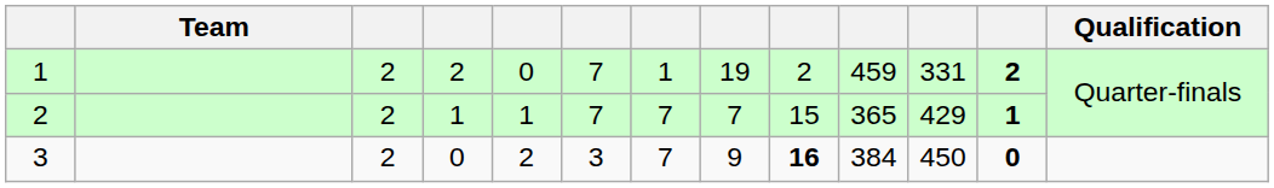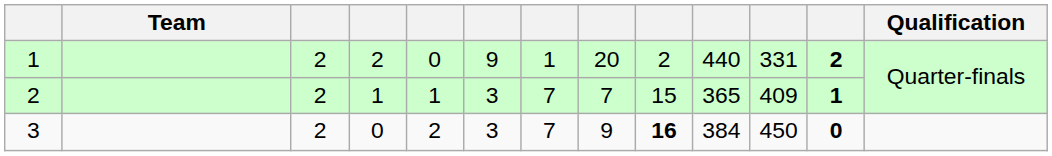 <table class=wikitable style="text-align:center" width=730>
 <tr>
 <th width=5.5%></th>
 <th width=22%>Team</th>
 <th width=5.5%></th>
 <th width=5.5%></th>
 <th width=5.5%></th>
 <th width=5.5%></th>
 <th width=5.5%></th>
 <th width=5.5%></th>
 <th width=5.5%></th>
 <th width=5.5%></th>
 <th width=5.5%></th>
 <th width=5.5%></th>
 <th width=18%>Qualification</th>
 </tr>
 <tr bgcolor=ccffcc>
 <td>1</td>
 <td style="text-align:left"></td>
 <td>2</td>
 <td>2</td>
 <td>0</td>
-<td>7</td>
+<td>9</td>
 <td>1</td>
-<td>19</td>
+<td>20</td>
 <td>2</td>
-<td>459</td>
+<td>440</td>
 <td>331</td>
 <td><strong>2</strong></td>
 <td rowspan=2>Quarter-finals</td>
 </tr>
 <tr bgcolor=ccffcc>
 <td>2</td>
 <td style="text-align:left"></td>
 <td>2</td>
 <td>1</td>
 <td>1</td>
-<td>7</td>
+<td>3</td>
 <td>7</td>
 <td>7</td>
 <td>15</td>
 <td>365</td>
-<td>429</td>
+<td>409</td>
 <td><strong>1</strong></td>
 </tr>
 <tr>
 <td>3</td>
 <td style="text-align:left"></td>
 <td>2</td>
 <td>0</td>
 <td>2</td>
 <td>3</td>
 <td>7</td>
 <td>9</td>
 <td><strong>16</strong></td>
 <td>384</td>
 <td>450</td>
 <td><strong>0</strong></td>
 <td></td>
 </tr>
 </table>
